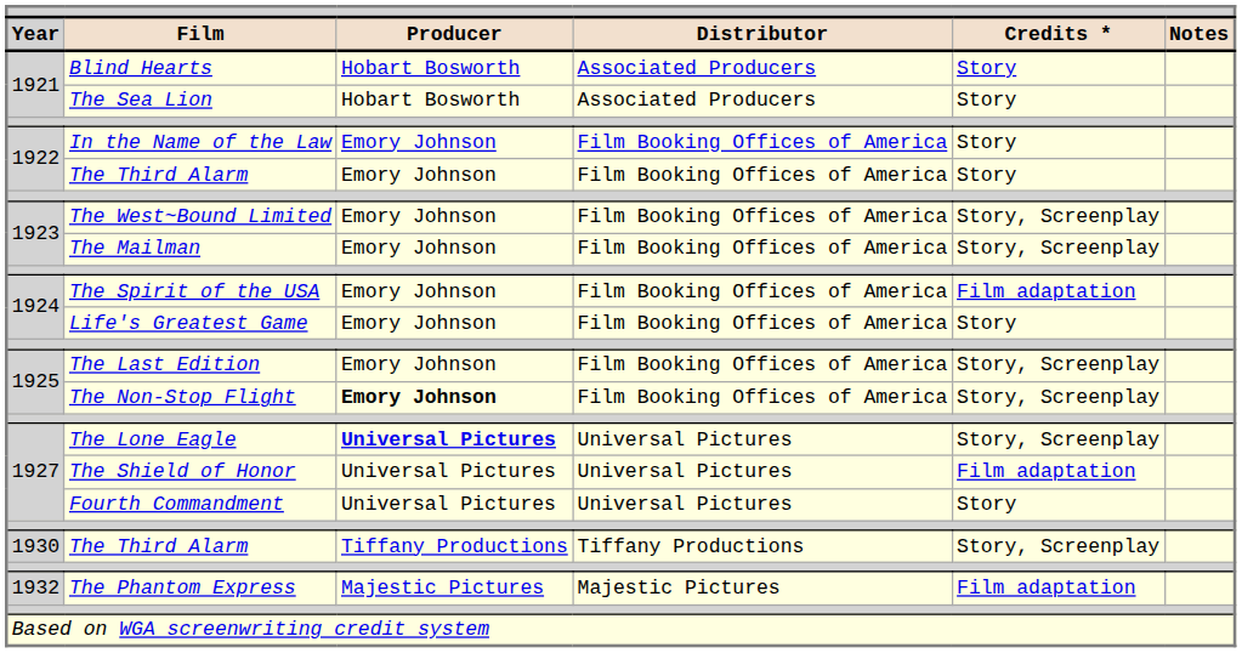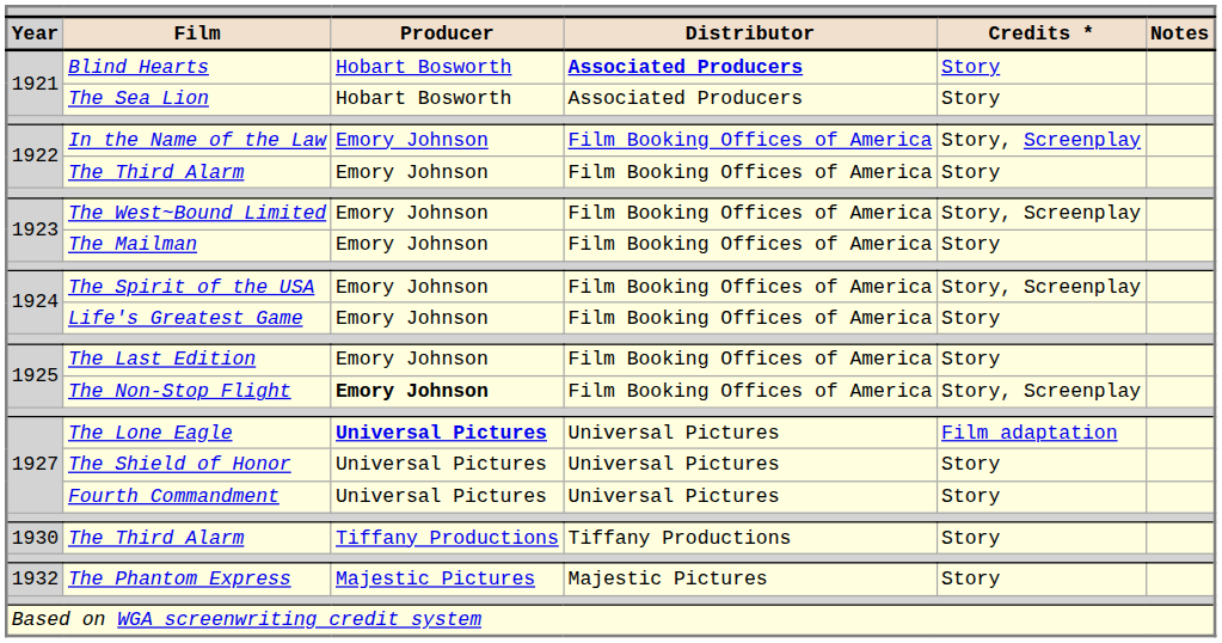 <table class="wikitable sortable mw-collapsible mw-collapsed" style="background:lightyellow; border:2px solid gray;">
 <tr>
 <th colspan="18" style="border:1px solid #808080;background:lightgrey;"></th>
 </tr>
 <tr>
 <th style="border-bottom:2px solid black;border-top:2px solid black;background:lightgrey" class="unsortable">Year</th>
 <th style="border-bottom:2px solid black;border-top:2px solid black;background:#F2E0CE">Film</th>
 <th style="border-bottom:2px solid black;border-top:2px solid black;background:#F2E0CE">Producer</th>
 <th style="border-bottom:2px solid black;border-top:2px solid black;background:#F2E0CE">Distributor</th>
 <th style="border-bottom:2px solid black;border-top:2px solid black;background:#F2E0CE">Credits *</th>
 <th style="border-bottom:2px solid black;border-top:2px solid black;background:#F2E0CE">Notes</th>
 </tr>
 <tr>
 <td rowspan="2" style="background:lightgrey">1921</td>
 <td><em><a href='#'>Blind Hearts</a></em></td>
 <td><a href='#'>Hobart Bosworth</a></td>
-<td><a href='#'>Associated Producers</a></td>
+<td><strong><a href='#'>Associated Producers</a></strong></td>
 <td><a href='#'>Story</a></td>
 <td></td>
 </tr>
 <tr>
 <td><em><a href='#'>The Sea Lion</a></em></td>
 <td>Hobart Bosworth</td>
 <td>Associated Producers</td>
 <td>Story</td>
 <td></td>
 </tr>
 <tr>
 <td colspan="6" style="border-bottom:1px solid black;background:lightgrey;"></td>
 </tr>
 <tr>
 <td rowspan="2" style="background:lightgrey">1922</td>
 <td><em><a href='#'>In the Name of the Law</a></em></td>
 <td><a href='#'>Emory Johnson</a></td>
 <td><a href='#'>Film Booking Offices of America</a></td>
-<td>Story</td>
+<td>Story, <a href='#'>Screenplay</a></td>
 <td></td>
 </tr>
 <tr>
 <td><em><a href='#'>The Third Alarm</a></em></td>
 <td>Emory Johnson</td>
 <td>Film Booking Offices of America</td>
 <td>Story</td>
 <td></td>
 </tr>
 <tr>
 <td colspan="6" style="border-bottom:1px solid black;background:lightgrey;"></td>
 </tr>
 <tr>
 <td rowspan="2" style="background:lightgrey">1923</td>
 <td><em><a href='#'>The West~Bound Limited</a></em></td>
 <td>Emory Johnson</td>
 <td>Film Booking Offices of America</td>
 <td>Story, Screenplay</td>
 <td></td>
 </tr>
 <tr>
 <td><em><a href='#'>The Mailman</a></em></td>
 <td>Emory Johnson</td>
 <td>Film Booking Offices of America</td>
-<td>Story, Screenplay</td>
+<td>Story</td>
 <td></td>
 </tr>
 <tr>
 <td colspan="6" style="border-bottom:1px solid black;background:lightgrey;"></td>
 </tr>
 <tr>
 <td rowspan="2" style="background:lightgrey">1924</td>
 <td><em><a href='#'>The Spirit of the USA</a></em></td>
 <td>Emory Johnson</td>
 <td>Film Booking Offices of America</td>
-<td><a href='#'>Film adaptation</a></td>
+<td>Story, Screenplay</td>
 <td></td>
 </tr>
 <tr>
 <td><em><a href='#'>Life's Greatest Game</a></em></td>
 <td>Emory Johnson</td>
 <td>Film Booking Offices of America</td>
 <td>Story</td>
 <td></td>
 </tr>
 <tr>
 <td colspan="6" style="border-bottom:1px solid black;background:lightgrey;"></td>
 </tr>
 <tr>
 <td rowspan="2" style="background:lightgrey">1925</td>
 <td><em><a href='#'>The Last Edition</a></em></td>
 <td>Emory Johnson</td>
 <td>Film Booking Offices of America</td>
-<td>Story, Screenplay</td>
+<td>Story</td>
 <td></td>
 </tr>
 <tr>
 <td><em><a href='#'>The Non-Stop Flight</a></em></td>
 <td><strong>Emory Johnson</strong></td>
 <td>Film Booking Offices of America</td>
 <td>Story, Screenplay</td>
 <td></td>
 </tr>
 <tr>
 <td colspan="6" style="border-bottom:1px solid black;background:lightgrey;"></td>
 </tr>
 <tr>
 <td rowspan="3" style="background:lightgrey">1927</td>
 <td><em><a href='#'>The Lone Eagle</a></em></td>
 <td><strong><a href='#'>Universal Pictures</a></strong></td>
 <td>Universal Pictures</td>
-<td>Story, Screenplay</td>
+<td><a href='#'>Film adaptation</a></td>
 <td></td>
 </tr>
 <tr>
 <td><em><a href='#'>The Shield of Honor</a></em></td>
 <td>Universal Pictures</td>
 <td>Universal Pictures</td>
-<td><a href='#'>Film adaptation</a></td>
+<td>Story</td>
 <td></td>
 </tr>
 <tr>
 <td><em><a href='#'>Fourth Commandment</a></em></td>
 <td>Universal Pictures</td>
 <td>Universal Pictures</td>
 <td>Story</td>
 <td></td>
 </tr>
 <tr>
 <td colspan="6" style="border-bottom:1px solid black;background:lightgrey;"></td>
 </tr>
 <tr>
 <td style="background:lightgrey">1930</td>
 <td><em><a href='#'>The Third Alarm</a></em></td>
 <td><a href='#'>Tiffany Productions</a></td>
 <td>Tiffany Productions</td>
-<td>Story, Screenplay</td>
+<td>Story</td>
 <td></td>
 </tr>
 <tr>
 <td colspan="6" style="border-bottom:1px solid black;background:lightgrey;"></td>
 </tr>
 <tr>
 <td style="background:lightgrey">1932</td>
 <td><em><a href='#'>The Phantom Express</a></em></td>
 <td><a href='#'>Majestic Pictures</a></td>
 <td>Majestic Pictures</td>
-<td><a href='#'>Film adaptation</a></td>
+<td>Story</td>
 <td></td>
 </tr>
 <tr>
 <td colspan="6" style="border-bottom:1px solid black;background:lightgrey;"></td>
 </tr>
 <tr>
 <td colspan="6"> <em>Based on <a href='#'>WGA screenwriting credit system</a></em></td>
 </tr>
 <tr>
 </tr>
 </table>
